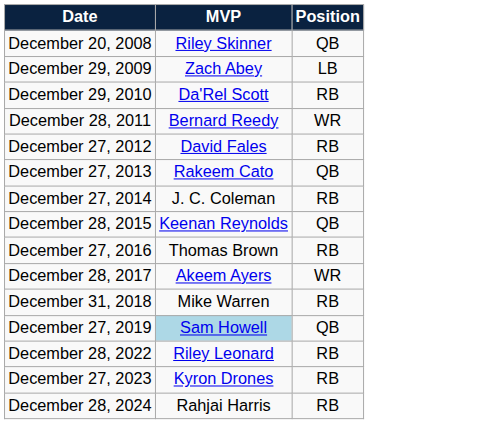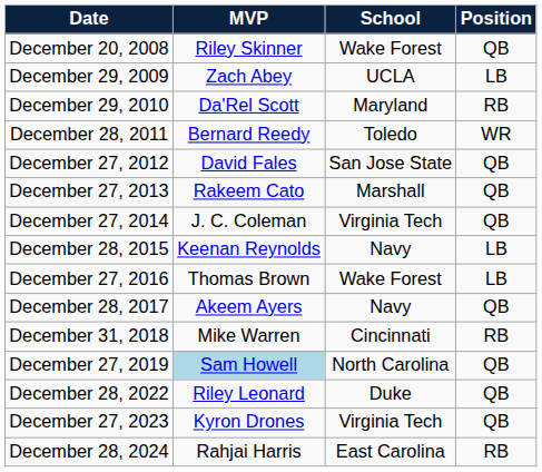 <table class="wikitable" style="text-align:center">
 <tr>
 <th style="background:#0A2240; color:#FFFFFF; ">Date</th>
 <th style="background:#0A2240; color:#FFFFFF; ">MVP</th>
+<th style="background:#0A2240; color:#FFFFFF; ">School</th>
 <th style="background:#0A2240; color:#FFFFFF; ">Position</th>
 </tr>
 <tr>
 <td>December 20, 2008</td>
 <td><a href='#'>Riley Skinner</a></td>
+<td>Wake Forest</td>
 <td>QB</td>
 </tr>
 <tr>
 <td>December 29, 2009</td>
 <td><a href='#'>Zach Abey</a></td>
+<td>UCLA</td>
 <td>LB</td>
 </tr>
 <tr>
 <td>December 29, 2010</td>
 <td><a href='#'>Da'Rel Scott</a></td>
+<td>Maryland</td>
 <td>RB</td>
 </tr>
 <tr>
 <td>December 28, 2011</td>
 <td><a href='#'>Bernard Reedy</a></td>
+<td>Toledo</td>
 <td>WR</td>
 </tr>
 <tr>
 <td>December 27, 2012</td>
 <td><a href='#'>David Fales</a></td>
-<td>RB</td>
+<td>San Jose State</td>
+<td>QB</td>
 </tr>
 <tr>
 <td>December 27, 2013</td>
 <td><a href='#'>Rakeem Cato</a></td>
+<td>Marshall</td>
 <td>QB</td>
 </tr>
 <tr>
 <td>December 27, 2014</td>
 <td>J. C. Coleman</td>
-<td>RB</td>
+<td>Virginia Tech</td>
+<td>QB</td>
 </tr>
 <tr>
 <td>December 28, 2015</td>
 <td><a href='#'>Keenan Reynolds</a></td>
-<td>QB</td>
+<td>Navy</td>
+<td>LB</td>
 </tr>
 <tr>
 <td>December 27, 2016</td>
 <td>Thomas Brown</td>
-<td>RB</td>
+<td>Wake Forest</td>
+<td>LB</td>
 </tr>
 <tr>
 <td>December 28, 2017</td>
 <td><a href='#'>Akeem Ayers</a></td>
-<td>WR</td>
+<td>Navy</td>
+<td>QB</td>
 </tr>
 <tr>
 <td>December 31, 2018</td>
 <td>Mike Warren</td>
+<td>Cincinnati</td>
 <td>RB</td>
 </tr>
 <tr>
 <td>December 27, 2019</td>
 <td style="background: lightblue;"><a href='#'>Sam Howell</a></td>
+<td>North Carolina</td>
 <td>QB</td>
 </tr>
 <tr>
 <td>December 28, 2022</td>
 <td><a href='#'>Riley Leonard</a></td>
-<td>RB</td>
+<td>Duke</td>
+<td>QB</td>
 </tr>
 <tr>
 <td>December 27, 2023</td>
 <td><a href='#'>Kyron Drones</a></td>
-<td>RB</td>
+<td>Virginia Tech</td>
+<td>QB</td>
 </tr>
 <tr>
 <td>December 28, 2024</td>
 <td>Rahjai Harris</td>
+<td>East Carolina</td>
 <td>RB</td>
 </tr>
 </table>
